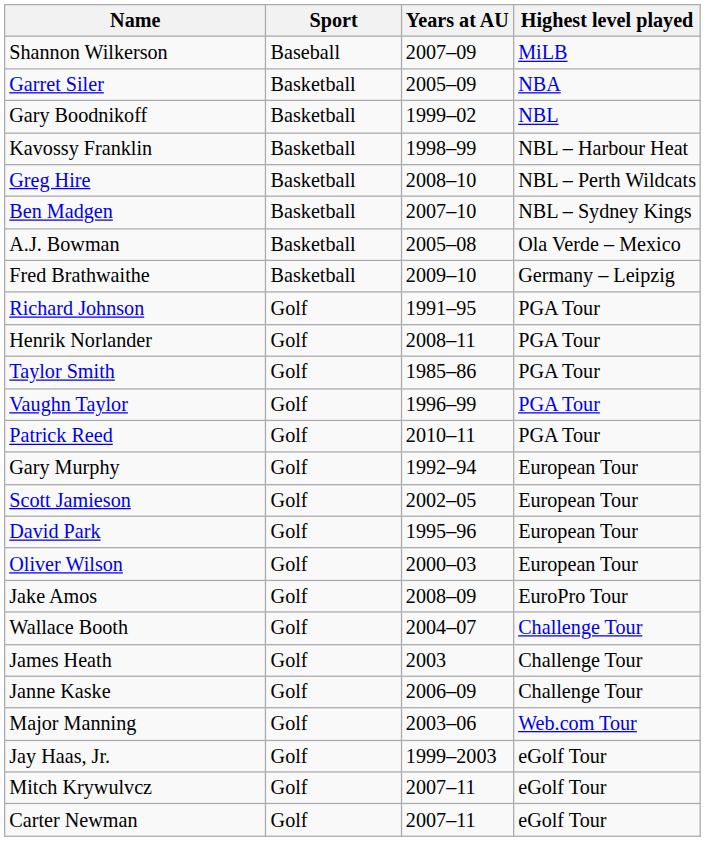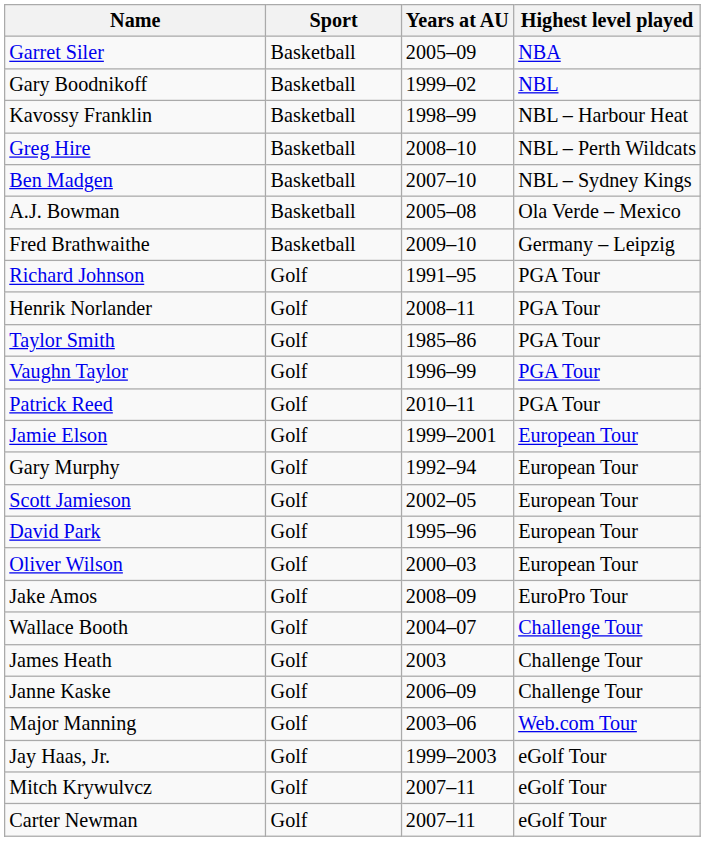 <table class="wikitable sortable">
 <tr>
 <th width=200px>Name</th>
 <th width=100px>Sport</th>
 <th>Years at AU</th>
 <th>Highest level played</th>
-</tr>
-<tr>
-<td>Shannon Wilkerson</td>
-<td>Baseball</td>
-<td>2007–09</td>
-<td><a href='#'>MiLB</a> </td>
 </tr>
 <tr>
 <td><a href='#'>Garret Siler</a></td>
 <td>Basketball</td>
 <td>2005–09</td>
 <td><a href='#'>NBA</a></td>
 </tr>
 <tr>
 <td>Gary Boodnikoff</td>
 <td>Basketball</td>
 <td>1999–02</td>
 <td><a href='#'>NBL</a></td>
 </tr>
 <tr>
 <td>Kavossy Franklin</td>
 <td>Basketball</td>
 <td>1998–99</td>
 <td>NBL – Harbour Heat</td>
 </tr>
 <tr>
 <td><a href='#'>Greg Hire</a></td>
 <td>Basketball</td>
 <td>2008–10</td>
 <td>NBL – Perth Wildcats</td>
 </tr>
 <tr>
 <td><a href='#'>Ben Madgen</a></td>
 <td>Basketball</td>
 <td>2007–10</td>
 <td>NBL – Sydney Kings</td>
 </tr>
 <tr>
 <td>A.J. Bowman</td>
 <td>Basketball</td>
 <td>2005–08</td>
 <td>Ola Verde – Mexico</td>
 </tr>
 <tr>
 <td>Fred Brathwaithe</td>
 <td>Basketball</td>
 <td>2009–10</td>
 <td>Germany – Leipzig</td>
 </tr>
 <tr>
 <td><a href='#'>Richard Johnson</a></td>
 <td>Golf</td>
 <td>1991–95</td>
 <td>PGA Tour</td>
 </tr>
 <tr>
 <td>Henrik Norlander</td>
 <td>Golf</td>
 <td>2008–11</td>
 <td>PGA Tour</td>
 </tr>
 <tr>
 <td><a href='#'>Taylor Smith</a></td>
 <td>Golf</td>
 <td>1985–86</td>
 <td>PGA Tour</td>
 </tr>
 <tr>
 <td><a href='#'>Vaughn Taylor</a></td>
 <td>Golf</td>
 <td>1996–99</td>
 <td><a href='#'>PGA Tour</a></td>
 </tr>
 <tr>
 <td><a href='#'>Patrick Reed</a></td>
 <td>Golf</td>
 <td>2010–11</td>
 <td>PGA Tour</td>
 </tr>
 <tr>
+<td><a href='#'>Jamie Elson</a></td>
+<td>Golf</td>
+<td>1999–2001</td>
+<td><a href='#'>European Tour</a></td>
+</tr>
+<tr>
 <td>Gary Murphy</td>
 <td>Golf</td>
 <td>1992–94</td>
 <td>European Tour</td>
 </tr>
 <tr>
 <td><a href='#'>Scott Jamieson</a></td>
 <td>Golf</td>
 <td>2002–05</td>
 <td>European Tour</td>
 </tr>
 <tr>
 <td><a href='#'>David Park</a></td>
 <td>Golf</td>
 <td>1995–96</td>
 <td>European Tour</td>
 </tr>
 <tr>
 <td><a href='#'>Oliver Wilson</a></td>
 <td>Golf</td>
 <td>2000–03</td>
 <td>European Tour</td>
 </tr>
 <tr>
 <td>Jake Amos</td>
 <td>Golf</td>
 <td>2008–09</td>
 <td>EuroPro Tour</td>
 </tr>
 <tr>
 <td>Wallace Booth</td>
 <td>Golf</td>
 <td>2004–07</td>
 <td><a href='#'>Challenge Tour</a></td>
 </tr>
 <tr>
 <td>James Heath</td>
 <td>Golf</td>
 <td>2003</td>
 <td>Challenge Tour</td>
 </tr>
 <tr>
 <td>Janne Kaske</td>
 <td>Golf</td>
 <td>2006–09</td>
 <td>Challenge Tour</td>
 </tr>
 <tr>
 <td>Major Manning</td>
 <td>Golf</td>
 <td>2003–06</td>
 <td><a href='#'>Web.com Tour</a></td>
 </tr>
 <tr>
 <td>Jay Haas, Jr.</td>
 <td>Golf</td>
 <td>1999–2003</td>
 <td>eGolf Tour</td>
 </tr>
 <tr>
 <td>Mitch Krywulvcz</td>
 <td>Golf</td>
 <td>2007–11</td>
 <td>eGolf Tour</td>
 </tr>
 <tr>
 <td>Carter Newman</td>
 <td>Golf</td>
 <td>2007–11</td>
 <td>eGolf Tour</td>
 </tr>
 </table>
